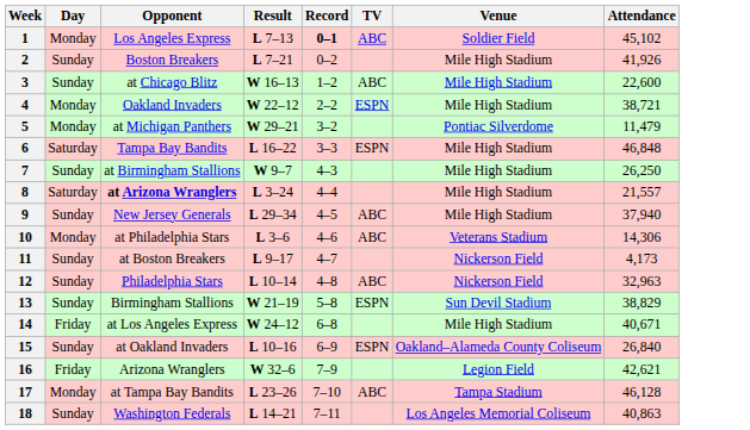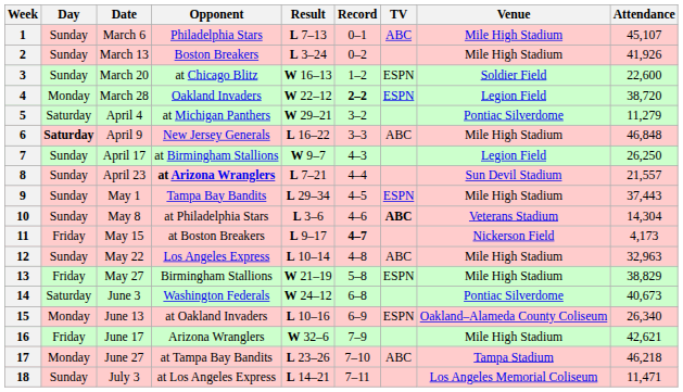 <table class="wikitable" style="text-align:center">
 <tr>
 <th>Week</th>
 <th>Day</th>
+<th>Date</th>
 <th>Opponent</th>
 <th>Result</th>
 <th>Record</th>
 <th>TV</th>
 <th>Venue</th>
 <th>Attendance</th>
 </tr>
 <tr style="background:#fcc">
 <th>1</th>
-<td>Monday</td>
-<td><a href='#'>Los Angeles Express</a></td>
+<td>Sunday</td>
+<td>March 6</td>
+<td><a href='#'>Philadelphia Stars</a></td>
 <td><strong>L</strong> 7–13</td>
-<td><strong>0–1</strong></td>
+<td>0–1</td>
 <td><a href='#'>ABC</a></td>
-<td><a href='#'>Soldier Field</a></td>
-<td>45,102</td>
+<td><a href='#'>Mile High Stadium</a></td>
+<td>45,107</td>
 </tr>
 <tr style="background:#fcc">
 <th>2</th>
 <td>Sunday</td>
+<td>March 13</td>
 <td><a href='#'>Boston Breakers</a></td>
-<td><strong>L</strong> 7–21</td>
+<td><strong>L</strong> 3–24</td>
 <td>0–2</td>
 <td></td>
 <td>Mile High Stadium</td>
 <td>41,926</td>
 </tr>
 <tr style="background:#cfc">
 <th>3</th>
 <td>Sunday</td>
+<td>March 20</td>
 <td>at <a href='#'>Chicago Blitz</a></td>
 <td><strong>W</strong> 16–13</td>
 <td>1–2</td>
-<td>ABC</td>
-<td><a href='#'>Mile High Stadium</a></td>
+<td>ESPN</td>
+<td><a href='#'>Soldier Field</a></td>
 <td>22,600</td>
 </tr>
 <tr style="background:#cfc">
 <th>4</th>
 <td>Monday</td>
+<td>March 28</td>
 <td><a href='#'>Oakland Invaders</a></td>
 <td><strong>W</strong> 22–12</td>
-<td>2–2</td>
+<td><strong>2–2</strong></td>
 <td><a href='#'>ESPN</a></td>
-<td>Mile High Stadium</td>
-<td>38,721</td>
+<td><a href='#'>Legion Field</a></td>
+<td>38,720</td>
 </tr>
 <tr style="background:#cfc">
 <th>5</th>
-<td>Monday</td>
+<td>Saturday</td>
+<td>April 4</td>
 <td>at <a href='#'>Michigan Panthers</a></td>
 <td><strong>W</strong> 29–21</td>
 <td>3–2</td>
 <td></td>
 <td><a href='#'>Pontiac Silverdome</a></td>
-<td>11,479</td>
+<td>11,279</td>
 </tr>
 <tr style="background:#fcc">
 <th>6</th>
-<td>Saturday</td>
-<td><a href='#'>Tampa Bay Bandits</a></td>
+<td><strong>Saturday</strong></td>
+<td>April 9</td>
+<td><a href='#'>New Jersey Generals</a></td>
 <td><strong>L</strong> 16–22 </td>
 <td>3–3</td>
-<td>ESPN</td>
+<td>ABC</td>
 <td>Mile High Stadium</td>
 <td>46,848</td>
 </tr>
 <tr style="background:#cfc">
 <th>7</th>
 <td>Sunday</td>
+<td>April 17</td>
 <td>at <a href='#'>Birmingham Stallions</a></td>
 <td><strong>W</strong> 9–7</td>
 <td>4–3</td>
 <td></td>
-<td>Mile High Stadium</td>
+<td><a href='#'>Legion Field</a></td>
 <td>26,250</td>
 </tr>
 <tr style="background:#fcc">
 <th>8</th>
-<td>Saturday</td>
+<td>Sunday</td>
+<td>April 23</td>
 <td><strong>at <a href='#'>Arizona Wranglers</a></strong></td>
-<td><strong>L</strong> 3–24</td>
+<td><strong>L</strong> 7–21</td>
 <td>4–4</td>
 <td></td>
-<td>Mile High Stadium</td>
+<td><a href='#'>Sun Devil Stadium</a></td>
 <td>21,557</td>
 </tr>
 <tr style="background:#fcc">
 <th>9</th>
 <td>Sunday</td>
-<td><a href='#'>New Jersey Generals</a></td>
+<td>May 1</td>
+<td><a href='#'>Tampa Bay Bandits</a></td>
 <td><strong>L</strong> 29–34</td>
 <td>4–5</td>
-<td>ABC</td>
+<td><a href='#'>ESPN</a></td>
 <td>Mile High Stadium</td>
-<td>37,940</td>
+<td>37,443</td>
 </tr>
 <tr style="background:#fcc">
 <th>10</th>
-<td>Monday</td>
+<td>Sunday</td>
+<td>May 8</td>
 <td>at Philadelphia Stars</td>
 <td><strong>L</strong> 3–6</td>
 <td>4–6</td>
-<td>ABC</td>
+<td><strong>ABC</strong></td>
 <td><a href='#'>Veterans Stadium</a></td>
-<td>14,306</td>
+<td>14,304</td>
 </tr>
 <tr style="background:#fcc">
 <th>11</th>
-<td>Sunday</td>
+<td>Friday</td>
+<td>May 15</td>
 <td>at Boston Breakers</td>
 <td><strong>L</strong> 9–17</td>
-<td>4–7</td>
+<td><strong>4–7</strong></td>
 <td></td>
 <td><a href='#'>Nickerson Field</a></td>
 <td>4,173</td>
 </tr>
 <tr style="background:#fcc">
 <th>12</th>
 <td>Sunday</td>
-<td><a href='#'>Philadelphia Stars</a></td>
+<td>May 22</td>
+<td><a href='#'>Los Angeles Express</a></td>
 <td><strong>L</strong> 10–14</td>
 <td>4–8</td>
 <td>ABC</td>
-<td><a href='#'>Nickerson Field</a></td>
+<td>Mile High Stadium</td>
 <td>32,963</td>
 </tr>
 <tr style="background:#cfc">
 <th>13</th>
-<td>Sunday</td>
+<td>Friday</td>
+<td>May 27</td>
 <td>Birmingham Stallions</td>
 <td><strong>W</strong> 21–19</td>
 <td>5–8</td>
 <td>ESPN</td>
-<td><a href='#'>Sun Devil Stadium</a></td>
+<td>Mile High Stadium</td>
 <td>38,829</td>
 </tr>
 <tr style="background:#cfc">
 <th>14</th>
-<td>Friday</td>
-<td>at Los Angeles Express</td>
+<td>Saturday</td>
+<td>June 3</td>
+<td><a href='#'>Washington Federals</a></td>
 <td><strong>W</strong> 24–12</td>
 <td>6–8</td>
 <td></td>
-<td>Mile High Stadium</td>
-<td>40,671</td>
+<td><a href='#'>Pontiac Silverdome</a></td>
+<td>40,673</td>
 </tr>
 <tr style="background:#fcc">
 <th>15</th>
-<td>Sunday</td>
+<td>Monday</td>
+<td>June  13</td>
 <td>at Oakland Invaders</td>
 <td><strong>L</strong> 10–16</td>
 <td>6–9</td>
 <td>ESPN</td>
 <td><a href='#'>Oakland–Alameda County Coliseum</a></td>
-<td>26,840</td>
+<td>26,340</td>
 </tr>
 <tr style="background:#cfc">
 <th>16</th>
 <td>Friday</td>
+<td>June 17</td>
 <td>Arizona Wranglers</td>
 <td><strong>W</strong> 32–6</td>
 <td>7–9</td>
 <td></td>
-<td><a href='#'>Legion Field</a></td>
+<td>Mile High Stadium</td>
 <td>42,621</td>
 </tr>
 <tr style="background:#fcc">
 <th>17</th>
 <td>Monday</td>
+<td>June 27</td>
 <td>at Tampa Bay Bandits</td>
 <td><strong>L</strong> 23–26</td>
 <td>7–10</td>
 <td>ABC</td>
 <td><a href='#'>Tampa Stadium</a></td>
-<td>46,128</td>
+<td>46,218</td>
 </tr>
 <tr style="background:#fcc">
 <th>18</th>
 <td>Sunday</td>
-<td><a href='#'>Washington Federals</a></td>
+<td>July 3</td>
+<td>at Los Angeles Express</td>
 <td><strong>L</strong> 14–21</td>
 <td>7–11</td>
 <td></td>
 <td><a href='#'>Los Angeles Memorial Coliseum</a></td>
-<td>40,863</td>
+<td>11,471</td>
 </tr>
 </table>
